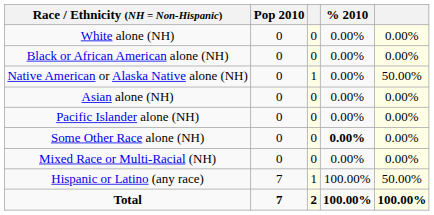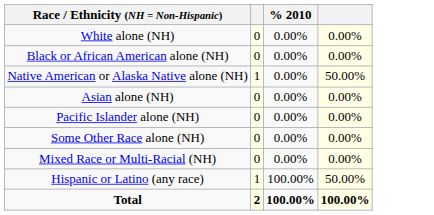 <table class="wikitable" style="text-align:center;">
 <tr>
 <th>Race / Ethnicity <small>(<em>NH = Non-Hispanic</em>)</small></th>
-<th>Pop 2010</th>
 <th></th>
 <th>% 2010</th>
 <th></th>
 </tr>
 <tr>
 <td><a href='#'>White</a> alone (NH)</td>
-<td>0</td>
 <td style='background: #ffffe6;'>0</td>
 <td>0.00%</td>
 <td style='background: #ffffe6;'>0.00%</td>
 </tr>
 <tr>
 <td><a href='#'>Black or African American</a> alone (NH)</td>
-<td>0</td>
 <td style='background: #ffffe6;'>0</td>
 <td>0.00%</td>
 <td style='background: #ffffe6;'>0.00%</td>
 </tr>
 <tr>
 <td><a href='#'>Native American</a> or <a href='#'>Alaska Native</a> alone (NH)</td>
-<td>0</td>
 <td style='background: #ffffe6;'>1</td>
 <td>0.00%</td>
 <td style='background: #ffffe6;'>50.00%</td>
 </tr>
 <tr>
 <td><a href='#'>Asian</a> alone (NH)</td>
-<td>0</td>
 <td style='background: #ffffe6;'>0</td>
 <td>0.00%</td>
 <td style='background: #ffffe6;'>0.00%</td>
 </tr>
 <tr>
 <td><a href='#'>Pacific Islander</a> alone (NH)</td>
-<td>0</td>
 <td style='background: #ffffe6;'>0</td>
 <td>0.00%</td>
 <td style='background: #ffffe6;'>0.00%</td>
 </tr>
 <tr>
 <td><a href='#'>Some Other Race</a> alone (NH)</td>
-<td>0</td>
 <td style='background: #ffffe6;'>0</td>
-<td><strong>0.00%</strong></td>
+<td>0.00%</td>
 <td style='background: #ffffe6;'>0.00%</td>
 </tr>
 <tr>
 <td><a href='#'>Mixed Race or Multi-Racial</a> (NH)</td>
-<td>0</td>
 <td style='background: #ffffe6;'>0</td>
 <td>0.00%</td>
 <td style='background: #ffffe6;'>0.00%</td>
 </tr>
 <tr>
 <td><a href='#'>Hispanic or Latino</a> (any race)</td>
-<td>7</td>
 <td style='background: #ffffe6;'>1</td>
 <td>100.00%</td>
 <td style='background: #ffffe6;'>50.00%</td>
 </tr>
 <tr>
 <td><strong>Total</strong></td>
-<td><strong>7</strong></td>
 <td style='background: #ffffe6;'><strong>2</strong></td>
 <td><strong>100.00%</strong></td>
 <td style='background: #ffffe6;'><strong>100.00%</strong></td>
 </tr>
 </table>
